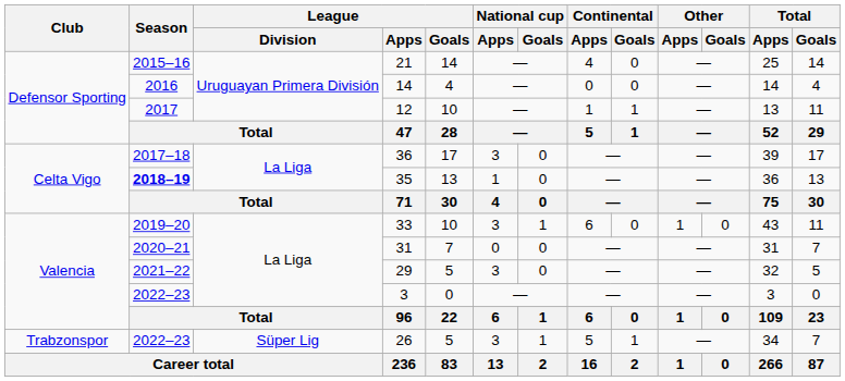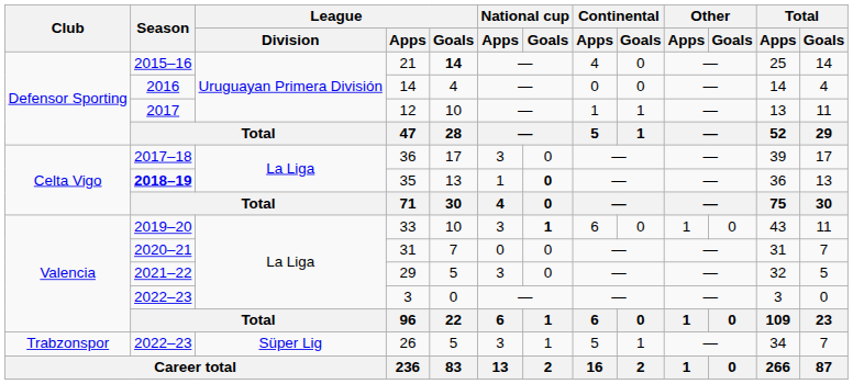 <table class="wikitable" style="text-align:center">
 <tr>
 <th rowspan="2">Club</th>
 <th rowspan="2">Season</th>
 <th colspan="3">League</th>
 <th colspan="2">National cup</th>
 <th colspan="2">Continental</th>
 <th colspan="2">Other</th>
 <th colspan="2">Total</th>
 </tr>
 <tr>
 <th>Division</th>
 <th>Apps</th>
 <th>Goals</th>
 <th>Apps</th>
 <th>Goals</th>
 <th>Apps</th>
 <th>Goals</th>
 <th>Apps</th>
 <th>Goals</th>
 <th>Apps</th>
 <th>Goals</th>
 </tr>
 <tr>
 <td rowspan="4"><a href='#'>Defensor Sporting</a></td>
 <td><a href='#'>2015–16</a></td>
 <td rowspan="3"><a href='#'>Uruguayan Primera División</a></td>
 <td>21</td>
-<td>14</td>
+<td><strong>14</strong></td>
 <td colspan="2">—</td>
 <td>4</td>
 <td>0</td>
 <td colspan="2">—</td>
 <td>25</td>
 <td>14</td>
 </tr>
 <tr>
 <td><a href='#'>2016</a></td>
 <td>14</td>
 <td>4</td>
 <td colspan="2">—</td>
 <td>0</td>
 <td>0</td>
 <td colspan="2">—</td>
 <td>14</td>
 <td>4</td>
 </tr>
 <tr>
 <td><a href='#'>2017</a></td>
 <td>12</td>
 <td>10</td>
 <td colspan="2">—</td>
 <td>1</td>
 <td>1</td>
 <td colspan="2">—</td>
 <td>13</td>
 <td>11</td>
 </tr>
 <tr>
 <th colspan="2">Total</th>
 <th>47</th>
 <th>28</th>
 <th colspan="2">—</th>
 <th>5</th>
 <th>1</th>
 <th colspan="2">—</th>
 <th>52</th>
 <th>29</th>
 </tr>
 <tr>
 <td rowspan="3"><a href='#'>Celta Vigo</a></td>
 <td><a href='#'>2017–18</a></td>
 <td rowspan="2"><a href='#'>La Liga</a></td>
 <td>36</td>
 <td>17</td>
 <td>3</td>
 <td>0</td>
 <td colspan="2">—</td>
 <td colspan="2">—</td>
 <td>39</td>
 <td>17</td>
 </tr>
 <tr>
 <td><strong><a href='#'>2018–19</a></strong></td>
 <td>35</td>
 <td>13</td>
 <td>1</td>
-<td>0</td>
+<td><strong>0</strong></td>
 <td colspan="2">—</td>
 <td colspan="2">—</td>
 <td>36</td>
 <td>13</td>
 </tr>
 <tr>
 <th colspan="2">Total</th>
 <th>71</th>
 <th>30</th>
 <th>4</th>
 <th>0</th>
 <th colspan="2">—</th>
 <th colspan="2">—</th>
 <th>75</th>
 <th>30</th>
 </tr>
 <tr>
 <td rowspan="5"><a href='#'>Valencia</a></td>
 <td><a href='#'>2019–20</a></td>
 <td rowspan="4">La Liga</td>
 <td>33</td>
 <td>10</td>
 <td>3</td>
-<td>1</td>
+<td><strong>1</strong></td>
 <td>6</td>
 <td>0</td>
 <td>1</td>
 <td>0</td>
 <td>43</td>
 <td>11</td>
 </tr>
 <tr>
 <td><a href='#'>2020–21</a></td>
 <td>31</td>
 <td>7</td>
 <td>0</td>
 <td>0</td>
 <td colspan="2">—</td>
 <td colspan="2">—</td>
 <td>31</td>
 <td>7</td>
 </tr>
 <tr>
 <td><a href='#'>2021–22</a></td>
 <td>29</td>
 <td>5</td>
 <td>3</td>
 <td>0</td>
 <td colspan="2">—</td>
 <td colspan="2">—</td>
 <td>32</td>
 <td>5</td>
 </tr>
 <tr>
 <td><a href='#'>2022–23</a></td>
 <td>3</td>
 <td>0</td>
 <td colspan="2">—</td>
 <td colspan="2">—</td>
 <td colspan="2">—</td>
 <td>3</td>
 <td>0</td>
 </tr>
 <tr>
 <th colspan="2">Total</th>
 <th>96</th>
 <th>22</th>
 <th>6</th>
 <th>1</th>
 <th>6</th>
 <th>0</th>
 <th>1</th>
 <th>0</th>
 <th>109</th>
 <th>23</th>
 </tr>
 <tr>
 <td><a href='#'>Trabzonspor</a></td>
 <td><a href='#'>2022–23</a></td>
 <td><a href='#'>Süper Lig</a></td>
 <td>26</td>
 <td>5</td>
 <td>3</td>
 <td>1</td>
 <td>5</td>
 <td>1</td>
 <td colspan="2">—</td>
 <td>34</td>
 <td>7</td>
 </tr>
 <tr>
 <th colspan="3">Career total</th>
 <th>236</th>
 <th>83</th>
 <th>13</th>
 <th>2</th>
 <th>16</th>
 <th>2</th>
 <th>1</th>
 <th>0</th>
 <th>266</th>
 <th>87</th>
 </tr>
 </table>
